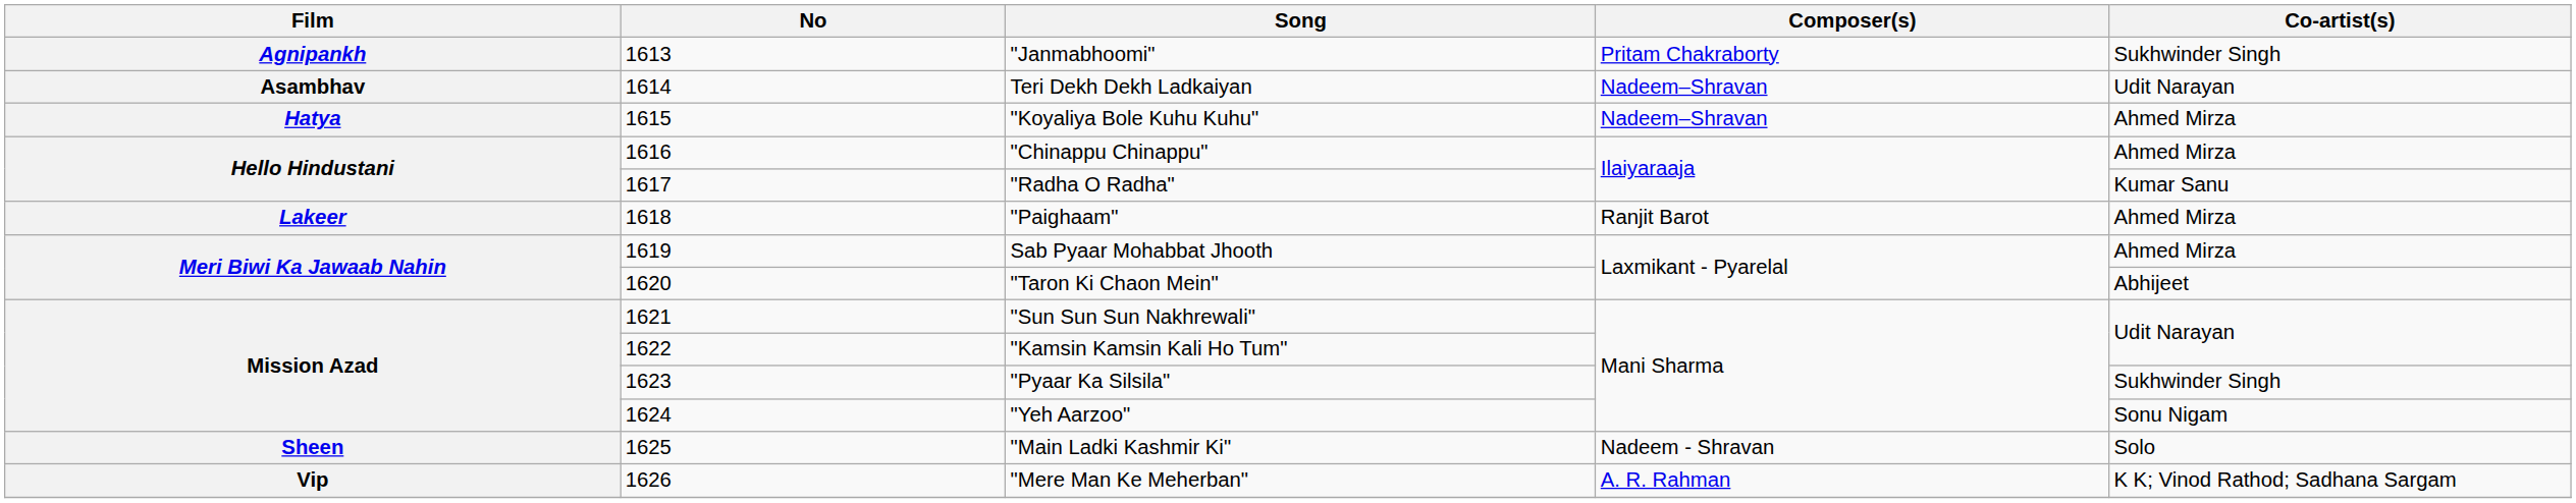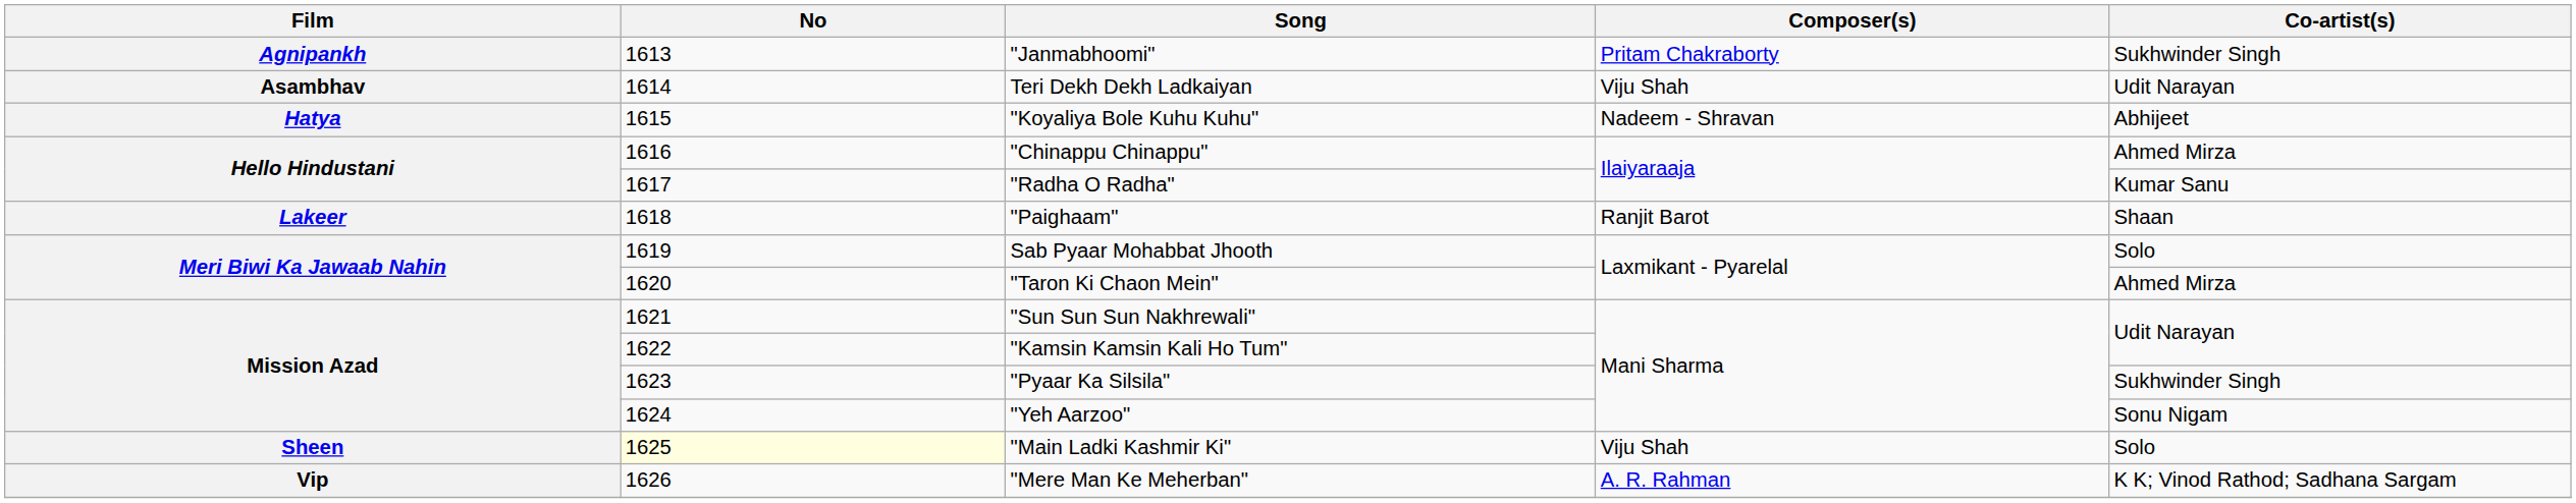 <table class="wikitable plainrowheaders" style="width:100%; textcolor:#000">
 <tr>
 <th scope="col" style="width:24%;">Film</th>
 <th>No</th>
 <th scope="col" style="width:23%;">Song</th>
 <th scope="col" style="width:20%;">Composer(s)</th>
 <th scope="col" style="width:18%;">Co-artist(s)</th>
 </tr>
 <tr>
 <th><em><a href='#'>Agnipankh</a></em></th>
 <td>1613</td>
 <td>"Janmabhoomi"</td>
 <td><a href='#'>Pritam Chakraborty</a></td>
 <td>Sukhwinder Singh</td>
 </tr>
 <tr>
 <th>Asambhav</th>
 <td>1614</td>
 <td>Teri Dekh Dekh Ladkaiyan</td>
-<td><a href='#'>Nadeem–Shravan</a></td>
+<td>Viju Shah</td>
 <td>Udit Narayan</td>
 </tr>
 <tr>
 <th><a href='#'><em>Hatya</em></a></th>
 <td>1615</td>
 <td>"Koyaliya Bole Kuhu Kuhu"</td>
-<td><a href='#'>Nadeem–Shravan</a></td>
-<td>Ahmed Mirza</td>
+<td>Nadeem - Shravan</td>
+<td>Abhijeet</td>
 </tr>
 <tr>
 <th rowspan="2"><em>Hello Hindustani</em></th>
 <td>1616</td>
 <td>"Chinappu Chinappu"</td>
 <td rowspan="2"><a href='#'>Ilaiyaraaja</a></td>
 <td>Ahmed Mirza</td>
 </tr>
 <tr>
 <td>1617</td>
 <td>"Radha O Radha"</td>
 <td>Kumar Sanu</td>
 </tr>
 <tr>
 <th><a href='#'><em>Lakeer</em></a></th>
 <td>1618</td>
 <td>"Paighaam"</td>
 <td>Ranjit Barot</td>
-<td>Ahmed Mirza</td>
+<td>Shaan</td>
 </tr>
 <tr>
 <th rowspan="2"><em><a href='#'>Meri Biwi Ka Jawaab Nahin</a></em></th>
 <td>1619</td>
 <td>Sab Pyaar Mohabbat Jhooth</td>
 <td rowspan="2">Laxmikant - Pyarelal</td>
-<td>Ahmed Mirza</td>
+<td>Solo</td>
 </tr>
 <tr>
 <td>1620</td>
 <td>"Taron Ki Chaon Mein"</td>
-<td>Abhijeet</td>
+<td>Ahmed Mirza</td>
 </tr>
 <tr>
 <th rowspan="4">Mission Azad</th>
 <td>1621</td>
 <td>"Sun Sun Sun Nakhrewali"</td>
 <td rowspan="4">Mani Sharma</td>
 <td rowspan=2>Udit Narayan</td>
 </tr>
 <tr>
 <td>1622</td>
 <td>"Kamsin Kamsin Kali Ho Tum"</td>
 </tr>
 <tr>
 <td>1623</td>
 <td>"Pyaar Ka Silsila"</td>
 <td>Sukhwinder Singh</td>
 </tr>
 <tr>
 <td>1624</td>
 <td>"Yeh Aarzoo"</td>
 <td>Sonu Nigam</td>
 </tr>
 <tr>
 <th><a href='#'>Sheen</a></th>
-<td>1625</td>
+<td style="background: lightyellow;">1625</td>
 <td>"Main Ladki Kashmir Ki"</td>
-<td>Nadeem - Shravan</td>
+<td>Viju Shah</td>
 <td>Solo</td>
 </tr>
 <tr>
 <th>Vip</th>
 <td>1626</td>
 <td>"Mere Man Ke Meherban"</td>
 <td><a href='#'>A. R. Rahman</a></td>
 <td>K K; Vinod Rathod; Sadhana Sargam</td>
 </tr>
 <tr>
 </tr>
 </table>
